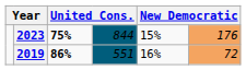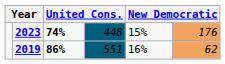 <table class="wikitable" style="float:right; width:400; font-size:90%; margin-left:1em;">
 <tr>
 <th colspan="2" scope="col">Year</th>
 <th colspan="2" scope="col"><a href='#'>United Cons.</a></th>
 <th colspan="2" scope="col"><a href='#'>New Democratic</a></th>
 </tr>
 <tr>
 <td rowspan="2" style="width: 0.25em; background-color: "></td>
 <th><a href='#'>2023</a></th>
-<td><span><strong>75%</strong></span></td>
-<td style="text-align:right; background:#005D7C;"><span><em>844</em></span></td>
+<td><span><strong>74%</strong></span></td>
+<td style="text-align:right; background:#005D7C;"><span><em>448</em></span></td>
 <td>15%</td>
 <td style="text-align:right; background:#F4A460;"><em>176</em></td>
 </tr>
 <tr>
 <th><a href='#'>2019</a></th>
 <td><span><strong>86%</strong></span></td>
 <td style="text-align:right; background:#005D7C;"><span><em>551</em></span></td>
 <td>16%</td>
-<td style="text-align:right; background:#F4A460;"><em>72</em></td>
+<td style="text-align:right; background:#F4A460;"><em>62</em></td>
 </tr>
 </table>
